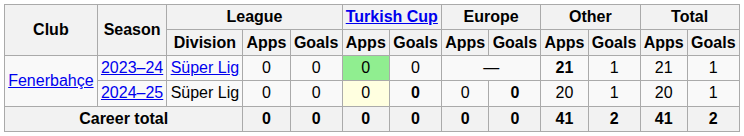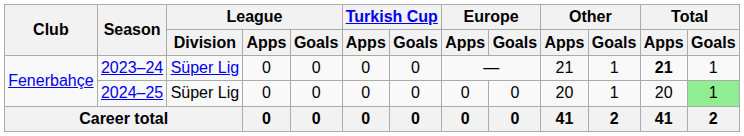 <table class="wikitable" style="text-align:center">
 <tr>
 <th rowspan="2">Club</th>
 <th rowspan="2">Season</th>
 <th colspan="3">League</th>
 <th colspan="2"><a href='#'>Turkish Cup</a></th>
 <th colspan="2">Europe</th>
 <th colspan="2">Other</th>
 <th colspan="2">Total</th>
 </tr>
 <tr>
 <th>Division</th>
 <th>Apps</th>
 <th>Goals</th>
 <th>Apps</th>
 <th>Goals</th>
 <th>Apps</th>
 <th>Goals</th>
 <th>Apps</th>
 <th>Goals</th>
 <th>Apps</th>
 <th>Goals</th>
 </tr>
 <tr>
 <td rowspan="2"><a href='#'>Fenerbahçe</a></td>
 <td><a href='#'>2023–24</a></td>
 <td><a href='#'>Süper Lig</a></td>
 <td>0</td>
 <td>0</td>
-<td style="background: lightgreen;">0</td>
+<td>0</td>
 <td>0</td>
 <td colspan="2">—</td>
+<td>21</td>
+<td>1</td>
 <td><strong>21</strong></td>
-<td>1</td>
-<td>21</td>
 <td>1</td>
 </tr>
 <tr>
 <td><a href='#'>2024–25</a></td>
 <td>Süper Lig</td>
 <td>0</td>
 <td>0</td>
-<td style="background: lightyellow;">0</td>
-<td><strong>0</strong></td>
 <td>0</td>
-<td><strong>0</strong></td>
+<td>0</td>
+<td>0</td>
+<td>0</td>
 <td>20</td>
 <td>1</td>
 <td>20</td>
-<td>1</td>
+<td style="background: lightgreen;">1</td>
 </tr>
 <tr>
 <th colspan=3>Career total</th>
 <th>0</th>
 <th>0</th>
 <th>0</th>
 <th>0</th>
 <th>0</th>
 <th>0</th>
 <th>41</th>
 <th>2</th>
 <th>41</th>
 <th>2</th>
 </tr>
 </table>
